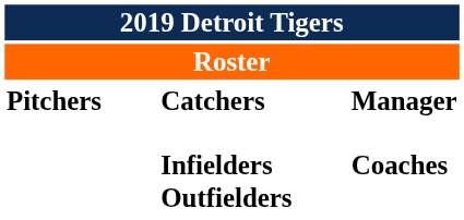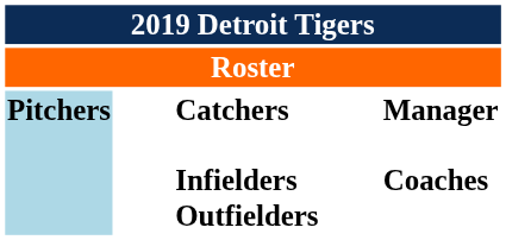 <table class="toccolours" style="font-size: 95%;">
 <tr>
 <th colspan="10" style="background-color: #0C2C56; color: white; text-align: center;">2019 Detroit Tigers</th>
 </tr>
 <tr>
 <td colspan="10" style="background-color: #FF6600; color: white; text-align: center;"><strong>Roster</strong></td>
 </tr>
 <tr>
-<td valign="top"><strong>Pitchers</strong><br>                              </td>
+<td valign="top" style="background: lightblue;"><strong>Pitchers</strong><br>                              </td>
 <td width="25px"></td>
 <td valign="top"><strong>Catchers</strong><br>   <br><strong>Infielders</strong>           <br><strong>Outfielders</strong>       </td>
 <td width="25px"></td>
 <td valign="top"><strong>Manager</strong><br><br><strong>Coaches</strong>                    </td>
 </tr>
 </table>
